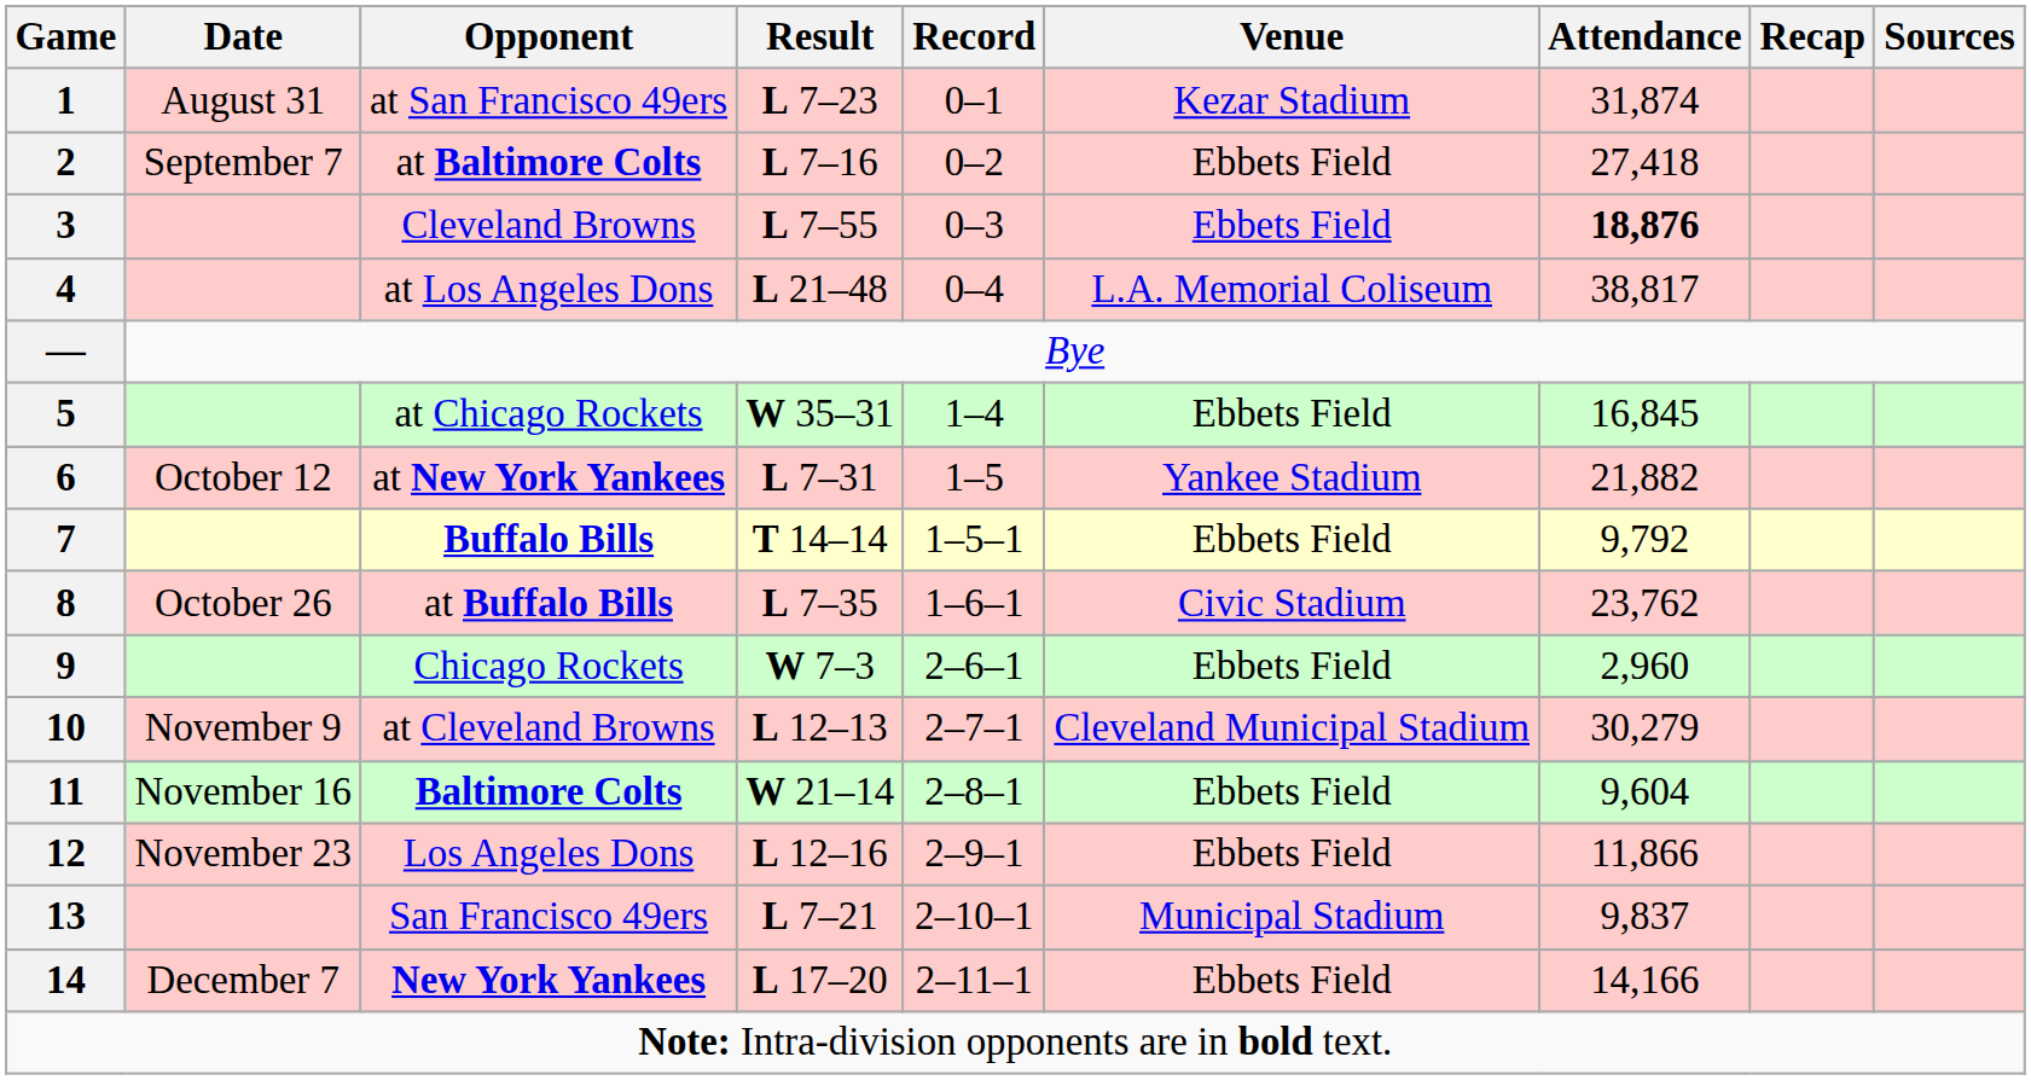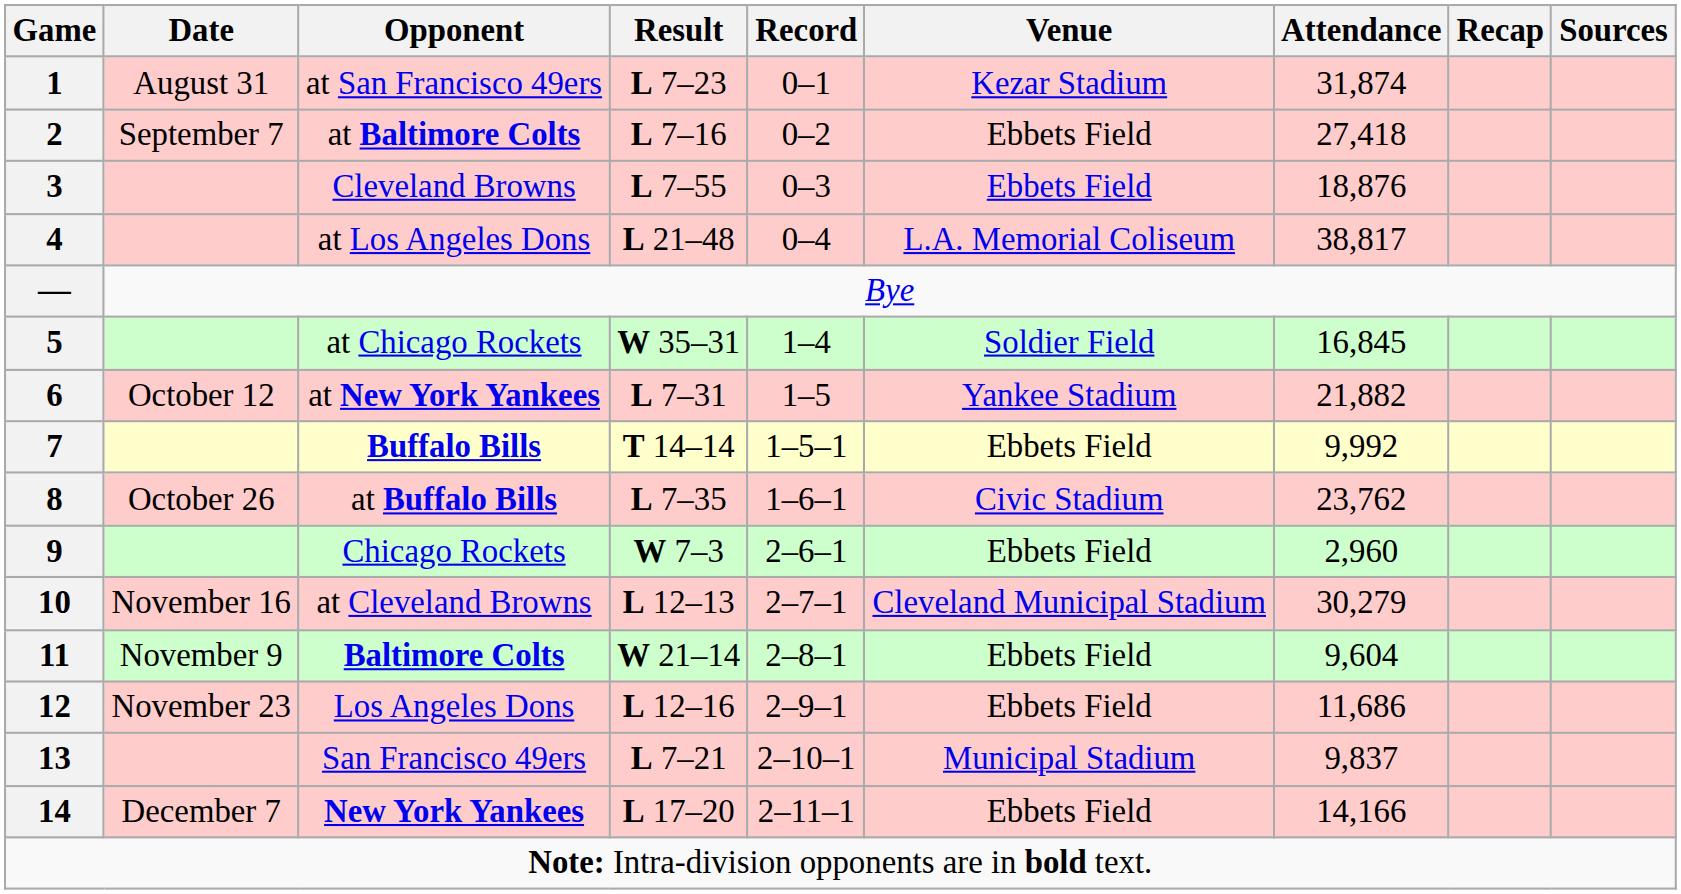 <table class="wikitable" style="text-align:center">
 <tr>
 <th>Game</th>
 <th>Date</th>
 <th>Opponent</th>
 <th>Result</th>
 <th>Record</th>
 <th>Venue</th>
 <th>Attendance</th>
 <th>Recap</th>
 <th>Sources</th>
 </tr>
 <tr style="background:#fcc">
 <th>1</th>
 <td>August 31</td>
 <td>at <a href='#'>San Francisco 49ers</a></td>
 <td><strong>L</strong> 7–23</td>
 <td>0–1</td>
 <td><a href='#'>Kezar Stadium</a></td>
 <td>31,874</td>
 <td></td>
 <td></td>
 </tr>
 <tr style="background:#fcc">
 <th>2</th>
 <td>September 7</td>
 <td>at <strong><a href='#'>Baltimore Colts</a></strong></td>
 <td><strong>L</strong> 7–16</td>
 <td>0–2</td>
 <td>Ebbets Field</td>
 <td>27,418</td>
 <td></td>
 <td></td>
 </tr>
 <tr style="background:#fcc">
 <th>3</th>
 <td></td>
 <td><a href='#'>Cleveland Browns</a></td>
 <td><strong>L</strong> 7–55</td>
 <td>0–3</td>
 <td><a href='#'>Ebbets Field</a></td>
-<td><strong>18,876</strong></td>
+<td>18,876</td>
 <td></td>
 <td></td>
 </tr>
 <tr style="background:#fcc">
 <th>4</th>
 <td></td>
 <td>at <a href='#'>Los Angeles Dons</a></td>
 <td><strong>L</strong> 21–48</td>
 <td>0–4</td>
 <td><a href='#'>L.A. Memorial Coliseum</a></td>
 <td>38,817</td>
 <td></td>
 <td></td>
 </tr>
 <tr>
 <th>—</th>
 <td colspan="8"><em><a href='#'>Bye</a></em></td>
 </tr>
 <tr style="background:#cfc">
 <th>5</th>
 <td></td>
 <td>at <a href='#'>Chicago Rockets</a></td>
 <td><strong>W</strong> 35–31</td>
 <td>1–4</td>
-<td>Ebbets Field</td>
+<td><a href='#'>Soldier Field</a></td>
 <td>16,845</td>
 <td></td>
 <td></td>
 </tr>
 <tr style="background:#fcc">
 <th>6</th>
 <td>October 12</td>
 <td>at <strong><a href='#'>New York Yankees</a></strong></td>
 <td><strong>L</strong> 7–31</td>
 <td>1–5</td>
 <td><a href='#'>Yankee Stadium</a></td>
 <td>21,882</td>
 <td></td>
 <td></td>
 </tr>
 <tr style="background:#ffc">
 <th>7</th>
 <td></td>
 <td><strong><a href='#'>Buffalo Bills</a></strong></td>
 <td><strong>T</strong> 14–14</td>
 <td>1–5–1</td>
 <td>Ebbets Field</td>
-<td>9,792</td>
+<td>9,992</td>
 <td></td>
 <td></td>
 </tr>
 <tr style="background:#fcc">
 <th>8</th>
 <td>October 26</td>
 <td>at <strong><a href='#'>Buffalo Bills</a></strong></td>
 <td><strong>L</strong> 7–35</td>
 <td>1–6–1</td>
 <td><a href='#'>Civic Stadium</a></td>
 <td>23,762</td>
 <td></td>
 <td></td>
 </tr>
 <tr style="background:#cfc">
 <th>9</th>
 <td></td>
 <td><a href='#'>Chicago Rockets</a></td>
 <td><strong>W</strong> 7–3</td>
 <td>2–6–1</td>
 <td>Ebbets Field</td>
 <td>2,960 </td>
 <td></td>
 <td></td>
 </tr>
 <tr style="background:#fcc">
 <th>10</th>
-<td>November 9</td>
+<td>November 16</td>
 <td>at <a href='#'>Cleveland Browns</a></td>
 <td><strong>L</strong> 12–13</td>
 <td>2–7–1</td>
 <td><a href='#'>Cleveland Municipal Stadium</a></td>
 <td>30,279</td>
 <td></td>
 <td></td>
 </tr>
 <tr style="background:#cfc">
 <th>11</th>
-<td>November 16</td>
+<td>November 9</td>
 <td><strong><a href='#'>Baltimore Colts</a></strong></td>
 <td><strong>W</strong> 21–14</td>
 <td>2–8–1</td>
 <td>Ebbets Field</td>
 <td>9,604</td>
 <td></td>
 <td></td>
 </tr>
 <tr style="background:#fcc">
 <th>12</th>
 <td>November 23</td>
 <td><a href='#'>Los Angeles Dons</a></td>
 <td><strong>L</strong> 12–16</td>
 <td>2–9–1</td>
 <td>Ebbets Field</td>
-<td>11,866</td>
+<td>11,686</td>
 <td></td>
 <td></td>
 </tr>
 <tr style="background:#fcc">
 <th>13</th>
 <td></td>
 <td><a href='#'>San Francisco 49ers</a></td>
 <td><strong>L</strong> 7–21</td>
 <td>2–10–1</td>
 <td><a href='#'>Municipal Stadium</a></td>
 <td>9,837</td>
 <td></td>
 <td></td>
 </tr>
 <tr style="background:#fcc">
 <th>14</th>
 <td>December 7</td>
 <td><strong><a href='#'>New York Yankees</a></strong></td>
 <td><strong>L</strong> 17–20</td>
 <td>2–11–1</td>
 <td>Ebbets Field</td>
 <td>14,166</td>
 <td></td>
 <td></td>
 </tr>
 <tr>
 <td colspan="10"><strong>Note:</strong> Intra-division opponents are in <strong>bold</strong> text.</td>
 </tr>
 </table>
